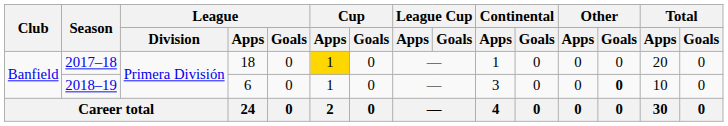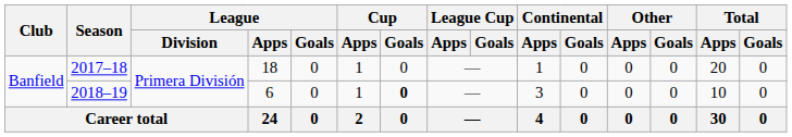 <table class="wikitable" style="text-align:center">
 <tr>
 <th rowspan="2">Club</th>
 <th rowspan="2">Season</th>
 <th colspan="3">League</th>
 <th colspan="2">Cup</th>
 <th colspan="2">League Cup</th>
 <th colspan="2">Continental</th>
 <th colspan="2">Other</th>
 <th colspan="2">Total</th>
 </tr>
 <tr>
 <th>Division</th>
 <th>Apps</th>
 <th>Goals</th>
 <th>Apps</th>
 <th>Goals</th>
 <th>Apps</th>
 <th>Goals</th>
 <th>Apps</th>
 <th>Goals</th>
 <th>Apps</th>
 <th>Goals</th>
 <th>Apps</th>
 <th>Goals</th>
 </tr>
 <tr>
 <td rowspan="2"><a href='#'>Banfield</a></td>
 <td><a href='#'>2017–18</a></td>
 <td rowspan="2"><a href='#'>Primera División</a></td>
 <td>18</td>
 <td>0</td>
-<td style="background: gold;">1</td>
+<td>1</td>
 <td>0</td>
 <td colspan="2">—</td>
 <td>1</td>
 <td>0</td>
 <td>0</td>
 <td>0</td>
 <td>20</td>
 <td>0</td>
 </tr>
 <tr>
 <td><a href='#'>2018–19</a></td>
 <td>6</td>
 <td>0</td>
 <td>1</td>
-<td>0</td>
+<td><strong>0</strong></td>
 <td colspan="2">—</td>
 <td>3</td>
 <td>0</td>
 <td>0</td>
-<td><strong>0</strong></td>
+<td>0</td>
 <td>10</td>
 <td>0</td>
 </tr>
 <tr>
 <th colspan="3">Career total</th>
 <th>24</th>
 <th>0</th>
 <th>2</th>
 <th>0</th>
 <th colspan="2">—</th>
 <th>4</th>
 <th>0</th>
 <th>0</th>
 <th>0</th>
 <th>30</th>
 <th>0</th>
 </tr>
 </table>
